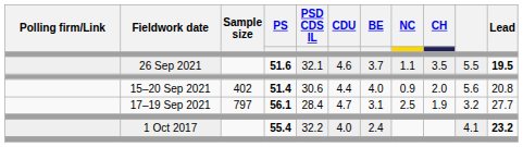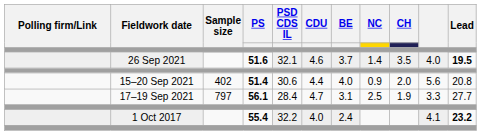 <table class="wikitable sortable mw-datatable" style="text-align:center;font-size:90%;line-height:16px;">
 <tr style="height:42px;">
 <th style="width:145px;" rowspan="2">Polling firm/Link</th>
 <th style="width:125px;" rowspan="2">Fieldwork date</th>
 <th class="unsortable" style="width:50px;" rowspan="2">Sample size</th>
 <th class="unsortable" style="width:35px;"><a href='#'>PS</a></th>
 <th class="unsortable" style="width:35px;"><a href='#'>PSD</a><br><a href='#'>CDS</a><br><a href='#'>IL</a></th>
 <th class="unsortable" style="width:35px;"><a href='#'>CDU</a></th>
 <th class="unsortable" style="width:35px;"><a href='#'>BE</a></th>
 <th class="unsortable" style="width:35px;"><a href='#'>NC</a></th>
 <th class="unsortable" style="width:35px;"><a href='#'>CH</a></th>
 <th class="unsortable" style="width:35px;" rowspan="2"></th>
 <th class="unsortable" style="width:30px;" rowspan="2">Lead</th>
 </tr>
 <tr>
 <th class="unsortable" style="color:inherit;background:"></th>
 <th class="unsortable" style="color:inherit;background:"></th>
 <th class="unsortable" style="color:inherit;background:"></th>
 <th class="unsortable" style="color:inherit;background:"></th>
 <th class="sortable" style="background:gold;"></th>
 <th class="sortable" style="background:#202056;"></th>
 </tr>
 <tr>
 <td colspan="15" style="background:#A0A0A0"></td>
 </tr>
 <tr>
 <td style="background:#EFEFEF;"><strong></strong></td>
 <td style="background:#EFEFEF;" data-sort-value="2019-10-06">26 Sep 2021</td>
 <td></td>
 <td><strong>51.6</strong><br></td>
 <td style="background:#EFEFEF;">32.1<br></td>
 <td style="background:#EFEFEF;">4.6<br></td>
 <td style="background:#EFEFEF;">3.7<br></td>
-<td style="background:#EFEFEF;">1.1<br></td>
+<td style="background:#EFEFEF;">1.4<br></td>
 <td style="background:#EFEFEF;">3.5<br></td>
-<td style="background:#EFEFEF;">5.5</td>
+<td style="background:#EFEFEF;">4.0</td>
 <td style="background:"><strong>19.5</strong></td>
 </tr>
 <tr>
 <td colspan="15" style="background:#A0A0A0"></td>
 </tr>
 <tr>
 <td align="center"><br></td>
 <td align="center">15–20 Sep 2021</td>
 <td align="center">402</td>
 <td align="center" ><strong>51.4</strong><br></td>
 <td align="center">30.6<br></td>
 <td align="center">4.4<br></td>
 <td align="center">4.0<br></td>
 <td align="center">0.9<br></td>
 <td align="center">2.0<br></td>
 <td align="center">5.6<br></td>
 <td style="background:">20.8</td>
 </tr>
 <tr>
 <td align="center"><br></td>
 <td align="center">17–19 Sep 2021</td>
 <td align="center">797</td>
 <td align="center" ><strong>56.1</strong><br></td>
 <td align="center">28.4<br></td>
 <td align="center">4.7<br></td>
 <td align="center">3.1<br></td>
 <td align="center">2.5<br></td>
 <td align="center">1.9<br></td>
-<td align="center">3.2<br></td>
+<td align="center">3.3<br></td>
 <td style="background:">27.7</td>
 </tr>
 <tr>
 <td colspan="15" style="background:#A0A0A0"></td>
 </tr>
 <tr>
 <td style="background:#EFEFEF;"><strong></strong></td>
 <td style="background:#EFEFEF;" data-sort-value="2019-10-06">1 Oct 2017</td>
 <td></td>
 <td><strong>55.4</strong><br></td>
 <td style="background:#EFEFEF;">32.2<br></td>
 <td style="background:#EFEFEF;">4.0<br></td>
 <td style="background:#EFEFEF;">2.4<br></td>
 <td></td>
 <td></td>
 <td style="background:#EFEFEF;">4.1<br></td>
 <td style="background:"><strong>23.2</strong></td>
 </tr>
 <tr>
 <td colspan="15" style="background:#A0A0A0"></td>
 </tr>
 </table>
